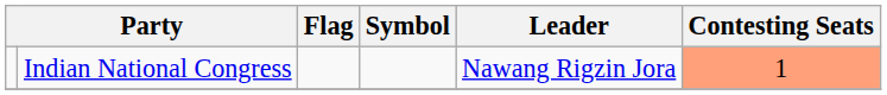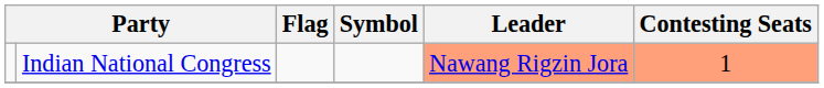 <table class="wikitable" style="text-align:center">
 <tr>
 <th colspan="2">Party</th>
 <th>Flag</th>
 <th>Symbol</th>
 <th>Leader</th>
 <th>Contesting Seats</th>
 </tr>
 <tr>
 <td></td>
 <td><a href='#'>Indian National Congress</a></td>
 <td></td>
 <td></td>
-<td><a href='#'>Nawang Rigzin Jora</a></td>
+<td style="background: lightsalmon;"><a href='#'>Nawang Rigzin Jora</a></td>
 <td style="background: lightsalmon;">1</td>
 </tr>
 <tr>
 </tr>
 </table>
